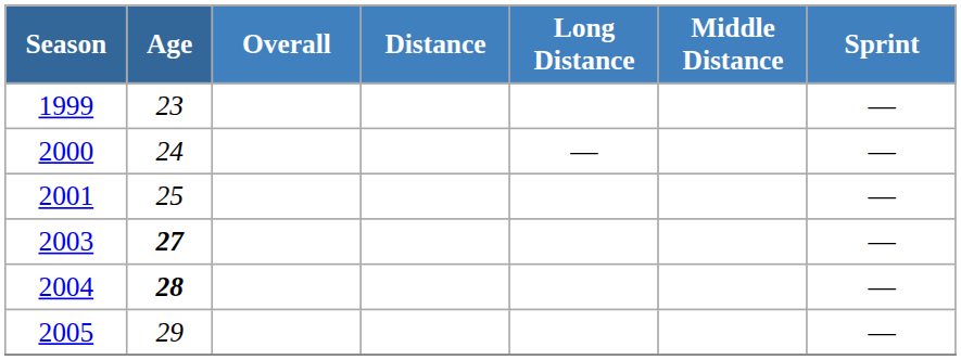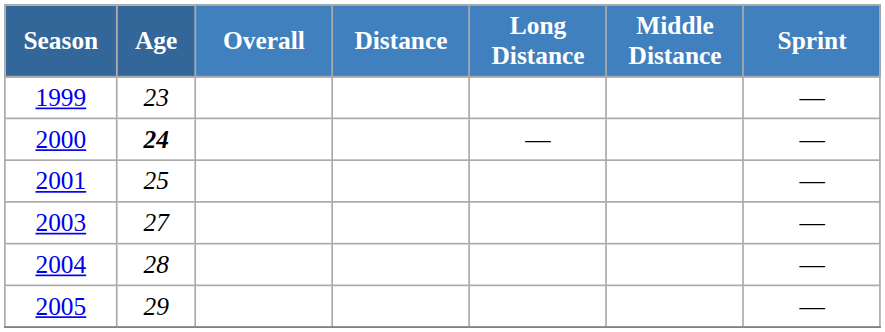 <table class="wikitable" style="font-size:95%; text-align:center; border:grey solid 1px; border-collapse:collapse; background:#ffffff;">
 <tr>
 <th style="background-color:#369; color:white; width:60px;" rowspan="2"> Season </th>
 <th style="background-color:#369; color:white; width:40px;" rowspan="2"> Age </th>
 </tr>
 <tr>
 <th style="background-color:#4180be; color:white; width:75px;">Overall</th>
 <th style="background-color:#4180be; color:white; width:75px;">Distance</th>
 <th style="background-color:#4180be; color:white; width:75px;">Long Distance</th>
 <th style="background-color:#4180be; color:white; width:75px;">Middle Distance</th>
 <th style="background-color:#4180be; color:white; width:75px;">Sprint</th>
 </tr>
 <tr>
 <td><a href='#'>1999</a></td>
 <td><em>23</em></td>
 <td></td>
 <td></td>
 <td></td>
 <td></td>
 <td>—</td>
 </tr>
 <tr>
 <td><a href='#'>2000</a></td>
-<td><em>24</em></td>
+<td><strong><em>24</em></strong></td>
 <td></td>
 <td></td>
 <td>—</td>
 <td></td>
 <td>—</td>
 </tr>
 <tr>
 <td><a href='#'>2001</a></td>
 <td><em>25</em></td>
 <td></td>
 <td></td>
 <td></td>
 <td></td>
 <td>—</td>
 </tr>
 <tr>
 <td><a href='#'>2003</a></td>
-<td><strong><em>27</em></strong></td>
+<td><em>27</em></td>
 <td></td>
 <td></td>
 <td></td>
 <td></td>
 <td>—</td>
 </tr>
 <tr>
 <td><a href='#'>2004</a></td>
-<td><strong><em>28</em></strong></td>
+<td><em>28</em></td>
 <td></td>
 <td></td>
 <td></td>
 <td></td>
 <td>—</td>
 </tr>
 <tr>
 <td><a href='#'>2005</a></td>
 <td><em>29</em></td>
 <td></td>
 <td></td>
 <td></td>
 <td></td>
 <td>—</td>
 </tr>
 <tr>
 </tr>
 </table>
